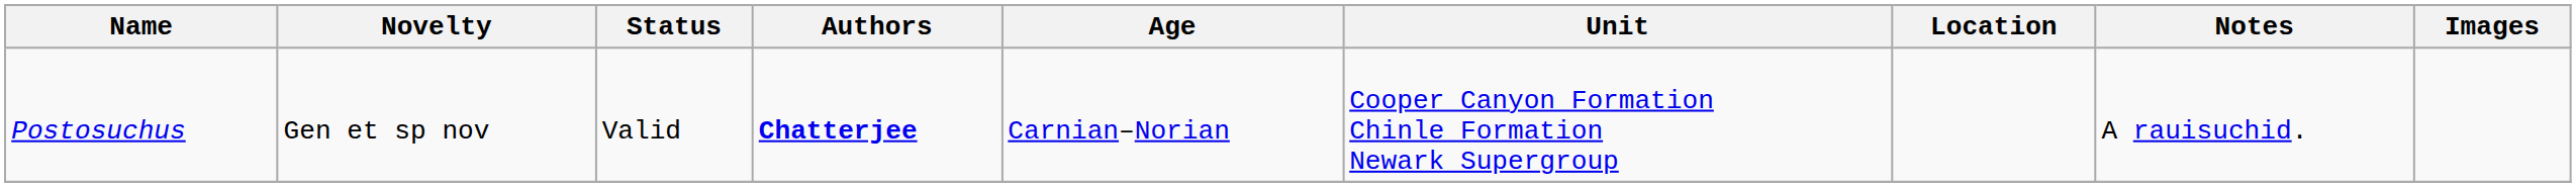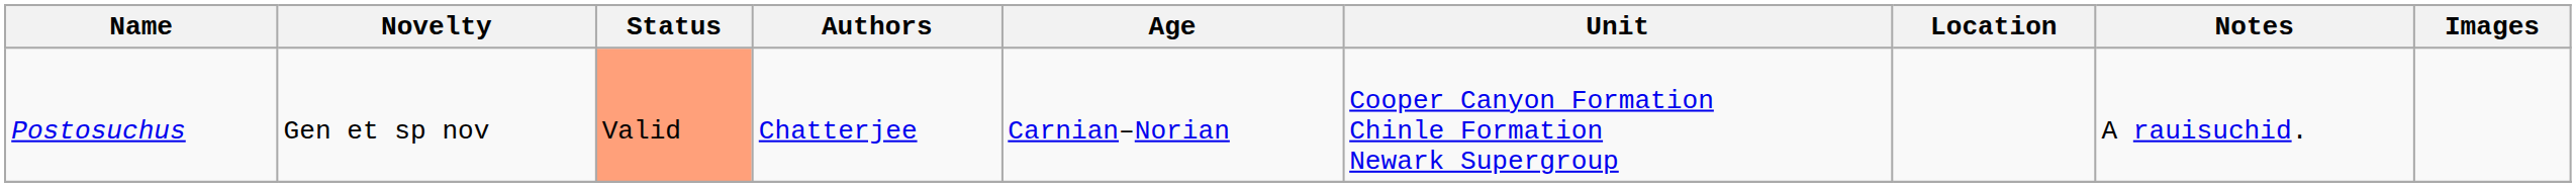 <table class="wikitable sortable" align="center" width="100%">
 <tr>
 <th>Name</th>
 <th>Novelty</th>
 <th>Status</th>
 <th>Authors</th>
 <th>Age</th>
 <th>Unit</th>
 <th>Location</th>
 <th>Notes</th>
 <th>Images</th>
 </tr>
 <tr>
 <td><br><em><a href='#'>Postosuchus</a></em></td>
 <td><br>Gen et sp nov</td>
-<td><br>Valid</td>
-<td><strong><br><a href='#'>Chatterjee</a></strong></td>
+<td style="background: lightsalmon;"><br>Valid</td>
+<td><br><a href='#'>Chatterjee</a></td>
 <td><br><a href='#'>Carnian</a>–<a href='#'>Norian</a></td>
 <td><br><a href='#'>Cooper Canyon Formation</a> <br> <a href='#'>Chinle Formation</a> <br> <a href='#'>Newark Supergroup</a></td>
 <td><br></td>
 <td><br>A <a href='#'>rauisuchid</a>.</td>
 <td></td>
 </tr>
 <tr>
 </tr>
 </table>
